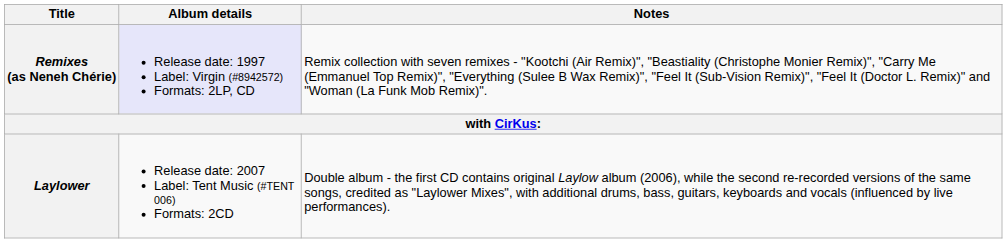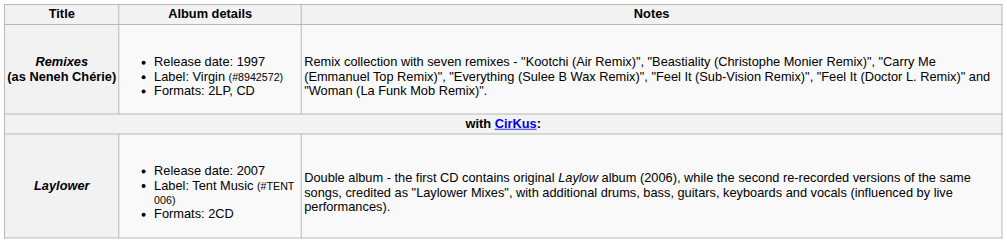 <table class="wikitable plainrowheaders">
 <tr>
 <th scope="col">Title</th>
 <th scope="col">Album details</th>
 <th scope="col">Notes</th>
 </tr>
 <tr>
 <th scope="row"><em>Remixes</em><br>(as Neneh Chérie)</th>
-<td style="background: lavender;"><br><ul><li>Release date: 1997</li><li>Label: Virgin <small>(#8942572)</small></li><li>Formats: 2LP, CD</li></ul></td>
+<td><br><ul><li>Release date: 1997</li><li>Label: Virgin <small>(#8942572)</small></li><li>Formats: 2LP, CD</li></ul></td>
 <td><br>Remix collection with seven remixes - "Kootchi (Air Remix)", "Beastiality (Christophe Monier Remix)", "Carry Me (Emmanuel Top Remix)", "Everything (Sulee B Wax Remix)", "Feel It (Sub-Vision Remix)", "Feel It (Doctor L. Remix)" and "Woman (La Funk Mob Remix)".</td>
 </tr>
 <tr>
 <th colspan="3">with <a href='#'>CirKus</a>:</th>
 </tr>
 <tr>
 <th scope="row"><em>Laylower</em></th>
 <td><br><ul><li>Release date: 2007</li><li>Label: Tent Music <small>(#TENT 006)</small></li><li>Formats: 2CD</li></ul></td>
 <td><br>Double album - the first CD contains original <em>Laylow</em> album (2006), while the second re-recorded versions of the same songs, credited as "Laylower Mixes", with additional drums, bass, guitars, keyboards and vocals (influenced by live performances).</td>
 </tr>
 </table>
